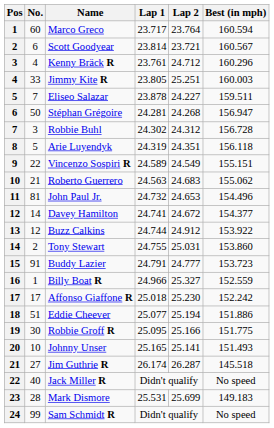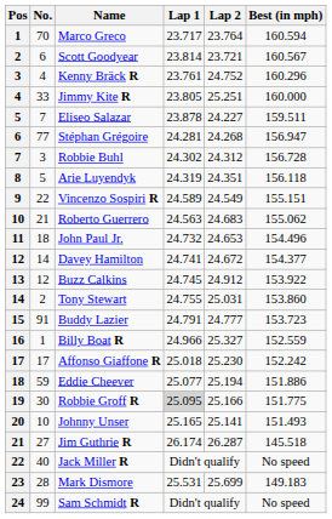 <table class="wikitable sortable" " style="fontsize:95%">
 <tr>
 <th>Pos</th>
 <th>No.</th>
 <th>Name</th>
 <th>Lap 1</th>
 <th>Lap 2</th>
 <th>Best (in mph)</th>
 </tr>
 <tr>
 <th scope="row">1</th>
-<td align=center>60</td>
+<td align=center>70</td>
 <td> <a href='#'>Marco Greco</a></td>
 <td align="center">23.717</td>
 <td align="center">23.764</td>
 <td align="center">160.594</td>
 </tr>
 <tr>
 <th scope="row">2</th>
 <td align=center>6</td>
 <td> <a href='#'>Scott Goodyear</a></td>
 <td align="center">23.814</td>
 <td align="center">23.721</td>
 <td align="center">160.567</td>
 </tr>
 <tr>
 <th scope="row">3</th>
 <td align=center>4</td>
 <td> <a href='#'>Kenny Bräck</a> <strong><span>R</span></strong></td>
 <td align="center">23.761</td>
-<td align="center">24.712</td>
+<td align="center">24.752</td>
 <td align="center">160.296</td>
 </tr>
 <tr>
 <th scope="row">4</th>
 <td align=center>33</td>
 <td> <a href='#'>Jimmy Kite</a> <strong><span>R</span></strong></td>
 <td align="center">23.805</td>
 <td align="center">25.251</td>
-<td align="center">160.003</td>
+<td align="center">160.000</td>
 </tr>
 <tr>
 <th scope="row">5</th>
 <td align=center>7</td>
 <td> <a href='#'>Eliseo Salazar</a></td>
 <td align="center">23.878</td>
 <td align="center">24.227</td>
 <td align="center">159.511</td>
 </tr>
 <tr>
 <th scope="row">6</th>
-<td align=center>50</td>
+<td align=center>77</td>
 <td> <a href='#'>Stéphan Grégoire</a></td>
 <td align="center">24.281</td>
 <td align="center">24.268</td>
 <td align="center">156.947</td>
 </tr>
 <tr>
 <th scope="row">7</th>
 <td align=center>3</td>
 <td> <a href='#'>Robbie Buhl</a></td>
 <td align="center">24.302</td>
 <td align="center">24.312</td>
 <td align="center">156.728</td>
 </tr>
 <tr>
 <th scope="row">8</th>
 <td align=center>5</td>
 <td> <a href='#'>Arie Luyendyk</a></td>
 <td align="center">24.319</td>
 <td align="center">24.351</td>
 <td align="center">156.118</td>
 </tr>
 <tr>
 <th scope="row">9</th>
 <td align=center>22</td>
 <td> <a href='#'>Vincenzo Sospiri</a> <strong><span>R</span></strong></td>
 <td align="center">24.589</td>
 <td align="center">24.549</td>
 <td align="center">155.151</td>
 </tr>
 <tr>
 <th scope="row">10</th>
 <td align=center>21</td>
 <td> <a href='#'>Roberto Guerrero</a></td>
 <td align="center">24.563</td>
 <td align="center">24.683</td>
 <td align="center">155.062</td>
 </tr>
 <tr>
 <th scope="row">11</th>
-<td align=center>81</td>
+<td align=center>18</td>
 <td> <a href='#'>John Paul Jr.</a></td>
 <td align="center">24.732</td>
 <td align="center">24.653</td>
 <td align="center">154.496</td>
 </tr>
 <tr>
 <th scope="row">12</th>
 <td align=center>14</td>
 <td> <a href='#'>Davey Hamilton</a></td>
 <td align="center">24.741</td>
 <td align="center">24.672</td>
 <td align="center">154.377</td>
 </tr>
 <tr>
 <th scope="row">13</th>
 <td align=center>12</td>
 <td> <a href='#'>Buzz Calkins</a></td>
-<td align="center">24.744</td>
+<td align="center">24.745</td>
 <td align="center">24.912</td>
 <td align="center">153.922</td>
 </tr>
 <tr>
 <th scope="row">14</th>
 <td align=center>2</td>
 <td> <a href='#'>Tony Stewart</a></td>
 <td align="center">24.755</td>
 <td align="center">25.031</td>
 <td align="center">153.860</td>
 </tr>
 <tr>
 <th scope="row">15</th>
 <td align=center>91</td>
 <td> <a href='#'>Buddy Lazier</a></td>
 <td align="center">24.791</td>
 <td align="center">24.777</td>
 <td align="center">153.723</td>
 </tr>
 <tr>
 <th scope="row">16</th>
 <td align=center>1</td>
 <td> <a href='#'>Billy Boat</a> <strong><span>R</span></strong></td>
 <td align="center">24.966</td>
 <td align="center">25.327</td>
 <td align="center">152.559</td>
 </tr>
 <tr>
 <th scope="row">17</th>
 <td align=center>17</td>
 <td> <a href='#'>Affonso Giaffone</a> <strong><span>R</span></strong></td>
 <td align="center">25.018</td>
 <td align="center">25.230</td>
 <td align="center">152.242</td>
 </tr>
 <tr>
 <th scope="row">18</th>
-<td align=center>51</td>
+<td align=center>59</td>
 <td> <a href='#'>Eddie Cheever</a></td>
 <td align="center">25.077</td>
 <td align="center">25.194</td>
 <td align="center">151.886</td>
 </tr>
 <tr>
 <th scope="row">19</th>
 <td align=center>30</td>
 <td> <a href='#'>Robbie Groff</a> <strong><span>R</span></strong></td>
-<td align="center">25.095</td>
+<td align="center" style="background: lightgrey;">25.095</td>
 <td align="center">25.166</td>
 <td align="center">151.775</td>
 </tr>
 <tr>
 <th scope="row">20</th>
 <td align=center>10</td>
 <td> <a href='#'>Johnny Unser</a></td>
 <td align="center">25.165</td>
 <td align="center">25.141</td>
 <td align="center">151.493</td>
 </tr>
 <tr>
 <th scope="row">21</th>
 <td align=center>27</td>
 <td> <a href='#'>Jim Guthrie</a> <strong><span>R</span></strong></td>
 <td align="center">26.174</td>
 <td align="center">26.287</td>
 <td align="center">145.518</td>
 </tr>
 <tr>
 <th scope="row">22</th>
 <td align=center>40</td>
 <td> <a href='#'>Jack Miller</a> <strong><span>R</span></strong></td>
 <td colspan=2 align="center">Didn't qualify</td>
 <td align="center">No speed</td>
 </tr>
 <tr>
 <th scope="row">23</th>
 <td align=center>28</td>
 <td> <a href='#'>Mark Dismore</a></td>
 <td align="center">25.531</td>
 <td align="center">25.699</td>
 <td align="center">149.183</td>
 </tr>
 <tr>
 <th scope="row">24</th>
 <td align=center>99</td>
 <td> <a href='#'>Sam Schmidt</a> <strong><span>R</span></strong></td>
 <td colspan=2 align="center">Didn't qualify</td>
 <td align="center">No speed</td>
 </tr>
 </table>
